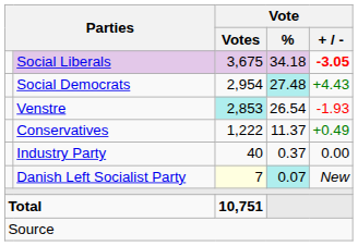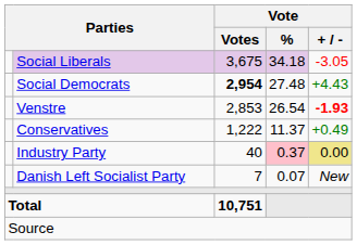 <table class="wikitable" style="text-align:right;">
 <tr>
 <th style="text-align:centre;" rowspan="2" colspan="2" width="225">Parties</th>
 <th colspan="3">Vote</th>
 </tr>
 <tr>
 <th width="15">Votes</th>
 <th width="15">%</th>
 <th width="15">+ / -</th>
 </tr>
 <tr>
 <td width="2" style="color:inherit;background:"></td>
 <td bgcolor=#e3c8e9  align="left"><a href='#'>Social Liberals</a></td>
 <td bgcolor=#e3c8e9>3,675</td>
 <td bgcolor=#e3c8e9>34.18</td>
-<td style=color:red;><strong>-3.05</strong></td>
+<td style=color:red;>-3.05</td>
 </tr>
 <tr>
 <td width="2" style="color:inherit;background:"></td>
 <td align="left"><a href='#'>Social Democrats</a></td>
-<td>2,954</td>
-<td style="background: paleturquoise;">27.48</td>
+<td><strong>2,954</strong></td>
+<td>27.48</td>
 <td style=color:green;>+4.43</td>
 </tr>
 <tr>
 <td width="2" style="color:inherit;background:"></td>
 <td align="left"><a href='#'>Venstre</a></td>
-<td style="background: paleturquoise;">2,853</td>
+<td>2,853</td>
 <td>26.54</td>
-<td style=color:red;>-1.93</td>
+<td style=color:red;><strong>-1.93</strong></td>
 </tr>
 <tr>
 <td width="2" style="color:inherit;background:"></td>
 <td align="left"><a href='#'>Conservatives</a></td>
 <td>1,222</td>
 <td>11.37</td>
 <td style=color:green;>+0.49</td>
 </tr>
 <tr>
 <td width="2" style="color:inherit;background:"></td>
 <td align="left"><a href='#'>Industry Party</a></td>
 <td>40</td>
-<td>0.37</td>
-<td>0.00</td>
+<td style="background: pink;">0.37</td>
+<td style="background: khaki;">0.00</td>
 </tr>
 <tr>
 <td width="2" style="color:inherit;background:"></td>
 <td align="left"><a href='#'>Danish Left Socialist Party</a></td>
-<td style="background: lightyellow;">7</td>
-<td style="background: paleturquoise;">0.07</td>
+<td>7</td>
+<td>0.07</td>
 <td><em>New</em></td>
 </tr>
 <tr>
 <td colspan="7" bgcolor="#E9E9E9"></td>
 </tr>
 <tr>
 <td align="left" colspan="2"><strong>Total</strong></td>
 <td><strong>10,751</strong></td>
 <td bgcolor="#E9E9E9" colspan="2"></td>
 </tr>
 <tr>
 <td align="left" colspan="6">Source</td>
 </tr>
 </table>
